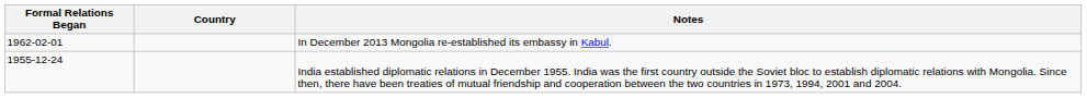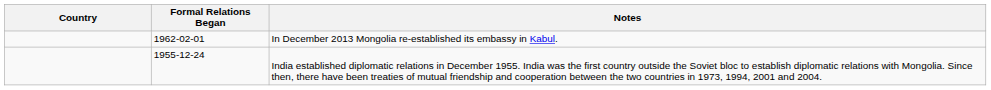 <table class="wikitable sortable" style="width:100%; margin:auto;">
 <tr>
+<th style="width:15%;">Country</th>
 <th style="width:12%;">Formal Relations Began</th>
-<th style="width:15%;">Country</th>
 <th>Notes</th>
 </tr>
 <tr valign="top">
+<td></td>
 <td>1962-02-01</td>
-<td></td>
 <td>In December 2013 Mongolia re-established its embassy in <a href='#'>Kabul</a>.</td>
 </tr>
 <tr valign="top">
+<td></td>
 <td>1955-12-24</td>
-<td></td>
 <td><br>India established diplomatic relations in December 1955. India was the first country outside the Soviet bloc to establish diplomatic relations with Mongolia. Since then, there have been treaties of mutual friendship and cooperation between the two countries in 1973, 1994, 2001 and 2004.</td>
 </tr>
 </table>
